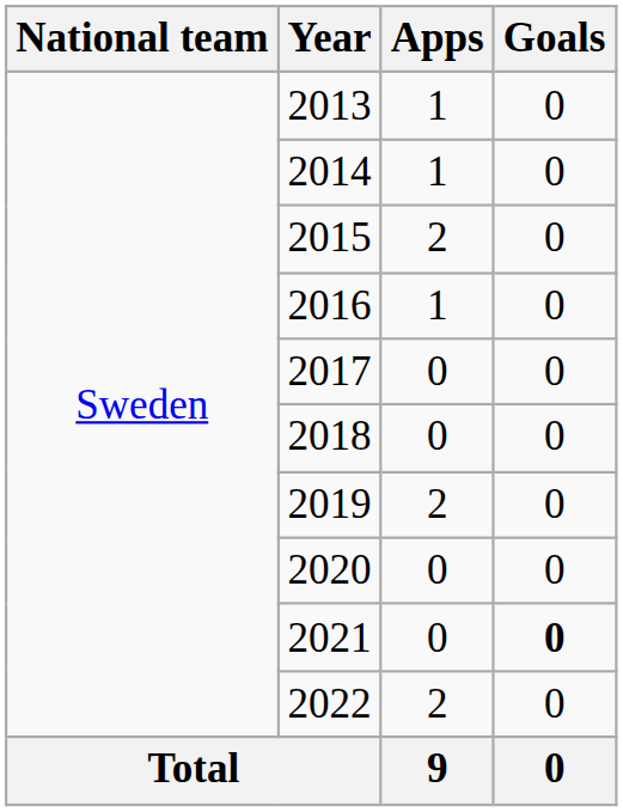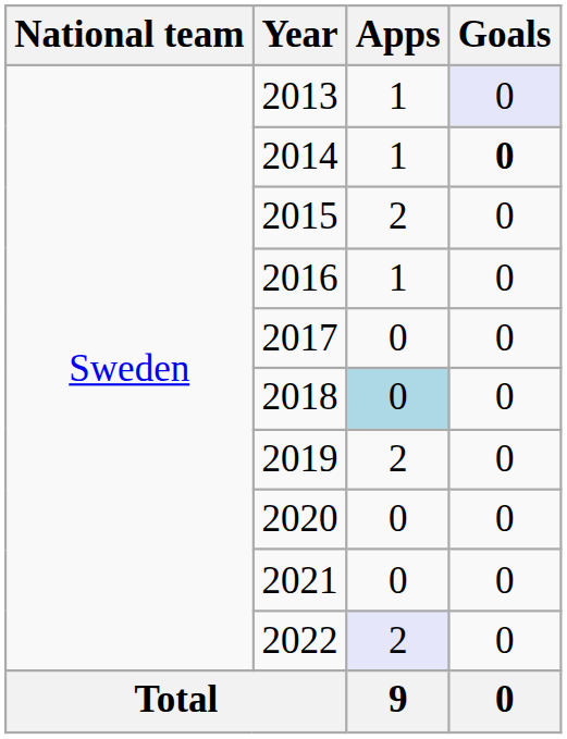 <table class="wikitable" style="text-align:center">
 <tr>
 <th>National team</th>
 <th>Year</th>
 <th>Apps</th>
 <th>Goals</th>
 </tr>
 <tr>
 <td rowspan="10"><a href='#'>Sweden</a></td>
 <td>2013</td>
 <td>1</td>
-<td>0</td>
+<td style="background: lavender;">0</td>
 </tr>
 <tr>
 <td>2014</td>
 <td>1</td>
-<td>0</td>
+<td><strong>0</strong></td>
 </tr>
 <tr>
 <td>2015</td>
 <td>2</td>
 <td>0</td>
 </tr>
 <tr>
 <td>2016</td>
 <td>1</td>
 <td>0</td>
 </tr>
 <tr>
 <td>2017</td>
 <td>0</td>
 <td>0</td>
 </tr>
 <tr>
 <td>2018</td>
-<td>0</td>
+<td style="background: lightblue;">0</td>
 <td>0</td>
 </tr>
 <tr>
 <td>2019</td>
 <td>2</td>
 <td>0</td>
 </tr>
 <tr>
 <td>2020</td>
 <td>0</td>
 <td>0</td>
 </tr>
 <tr>
 <td>2021</td>
 <td>0</td>
-<td><strong>0</strong></td>
+<td>0</td>
 </tr>
 <tr>
 <td>2022</td>
-<td>2</td>
+<td style="background: lavender;">2</td>
 <td>0</td>
 </tr>
 <tr>
 <th colspan="2">Total</th>
 <th>9</th>
 <th>0</th>
 </tr>
 </table>
